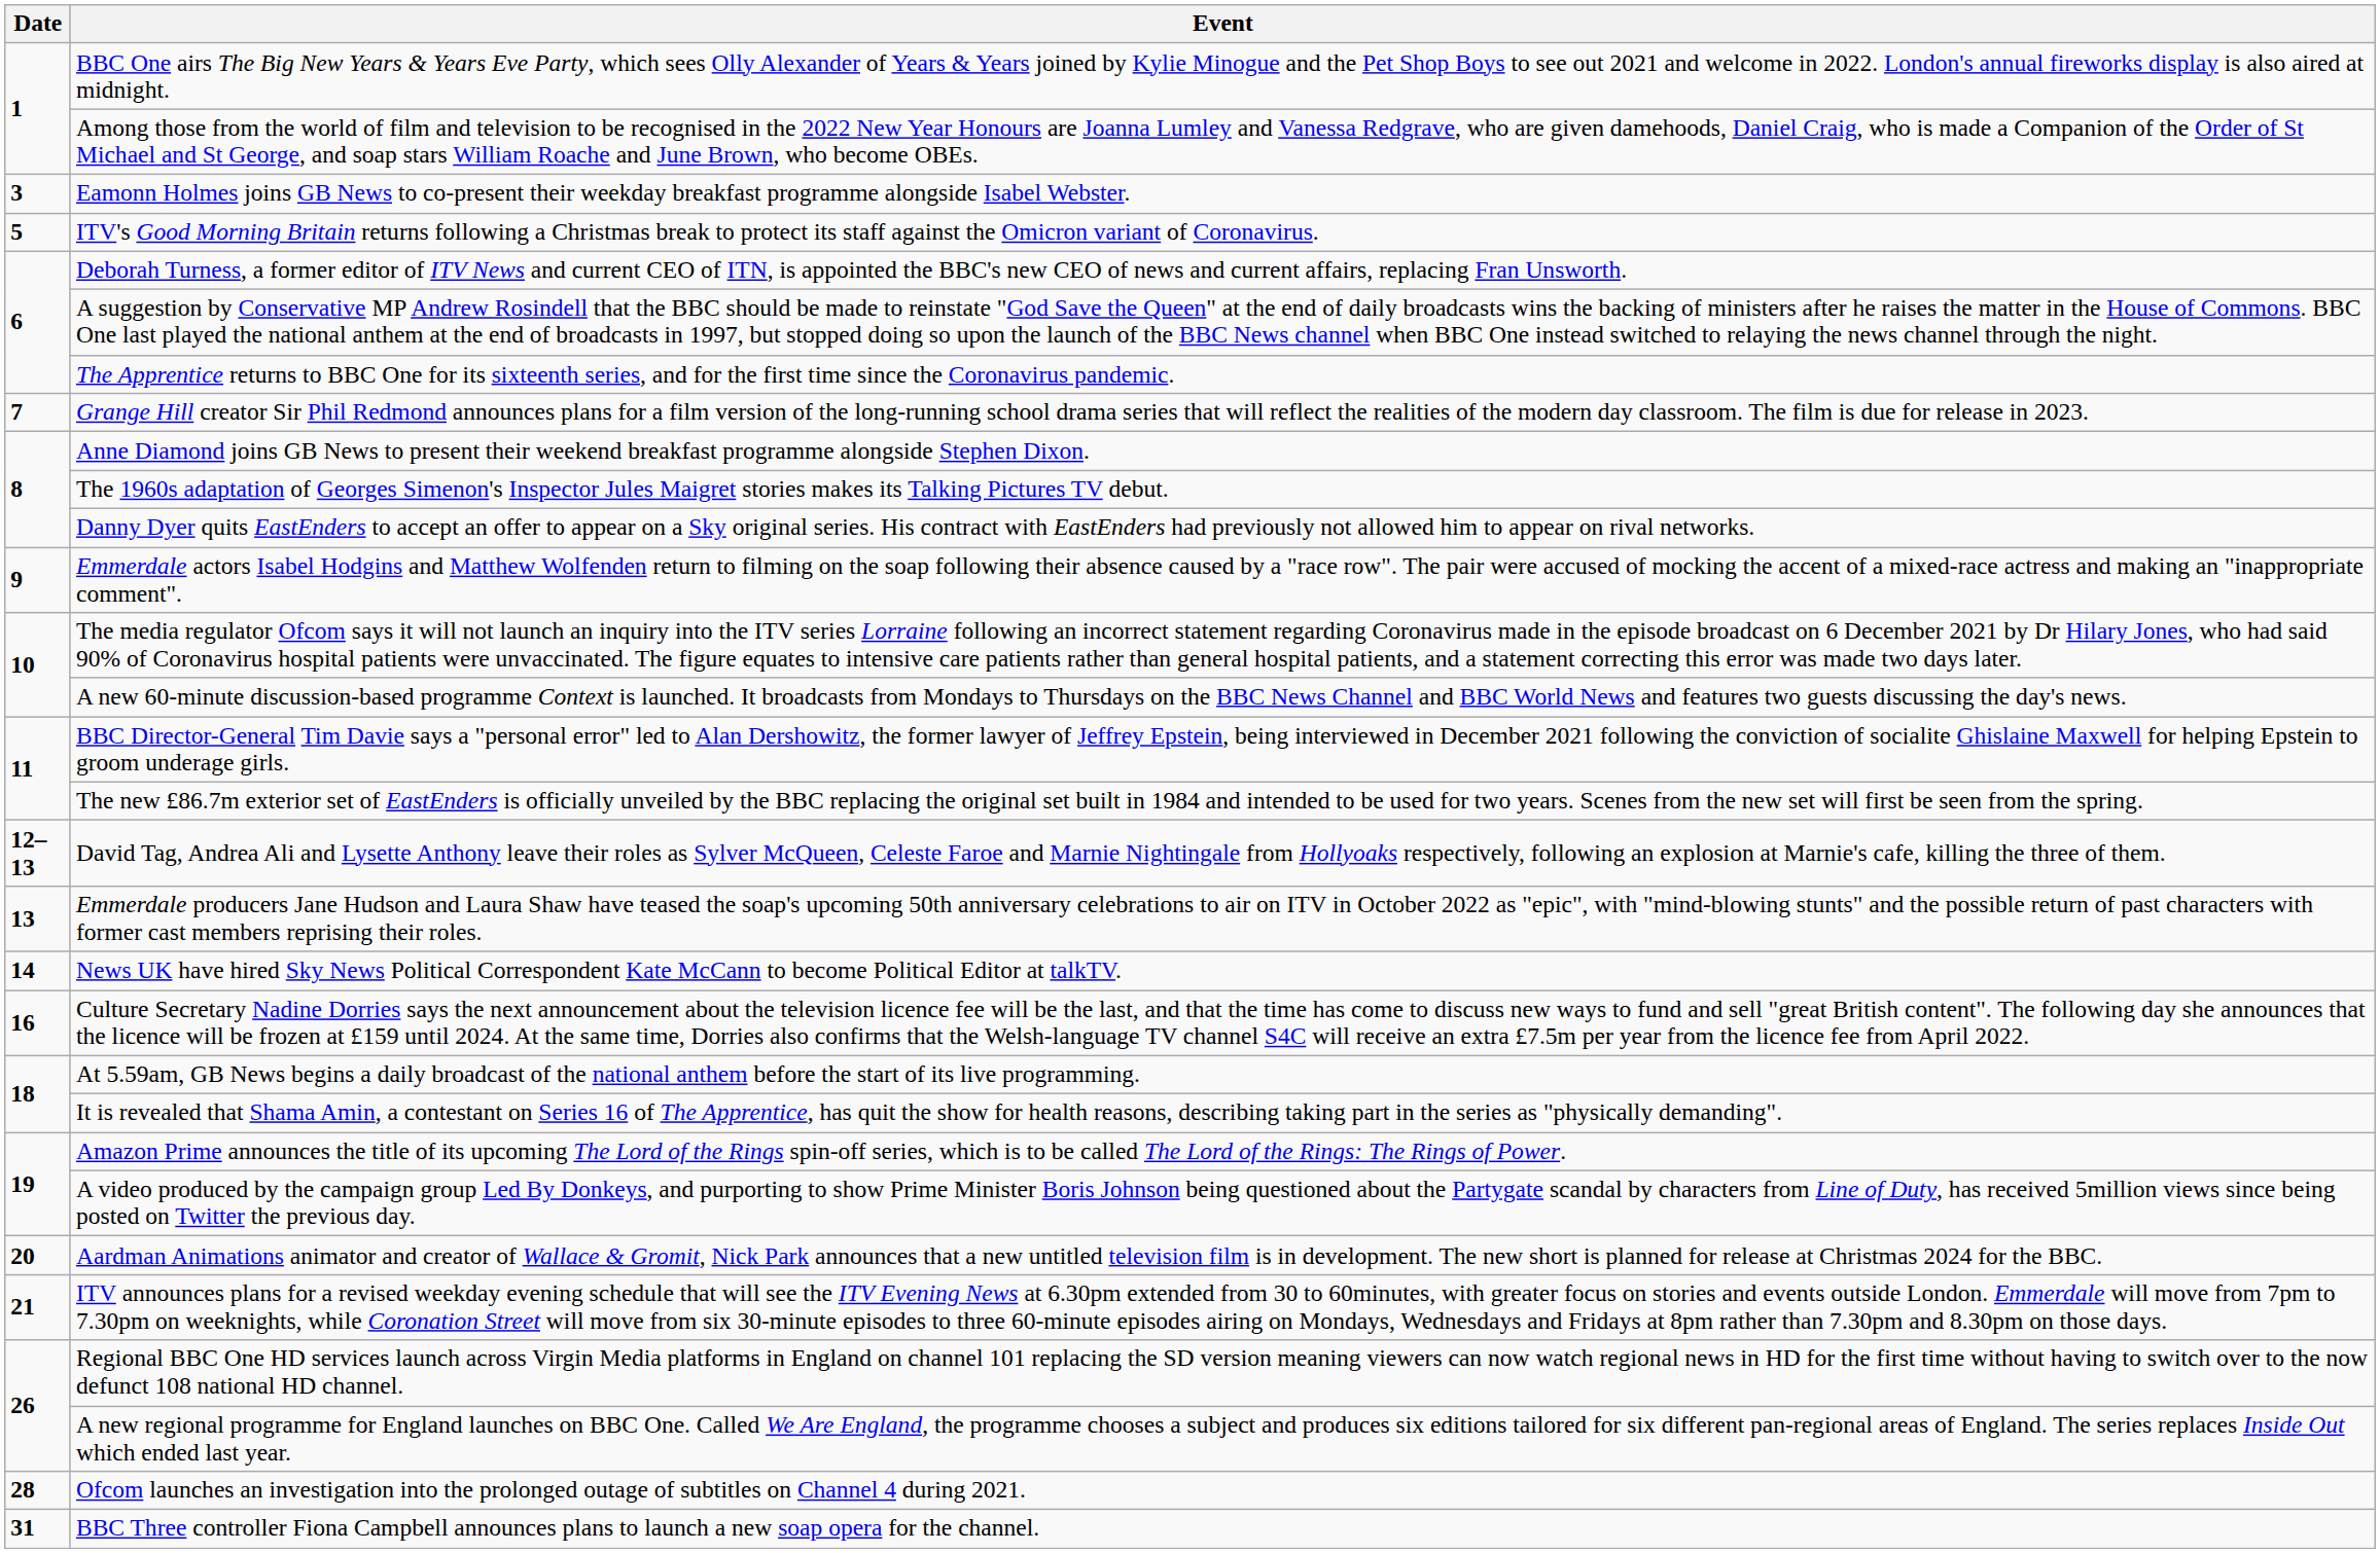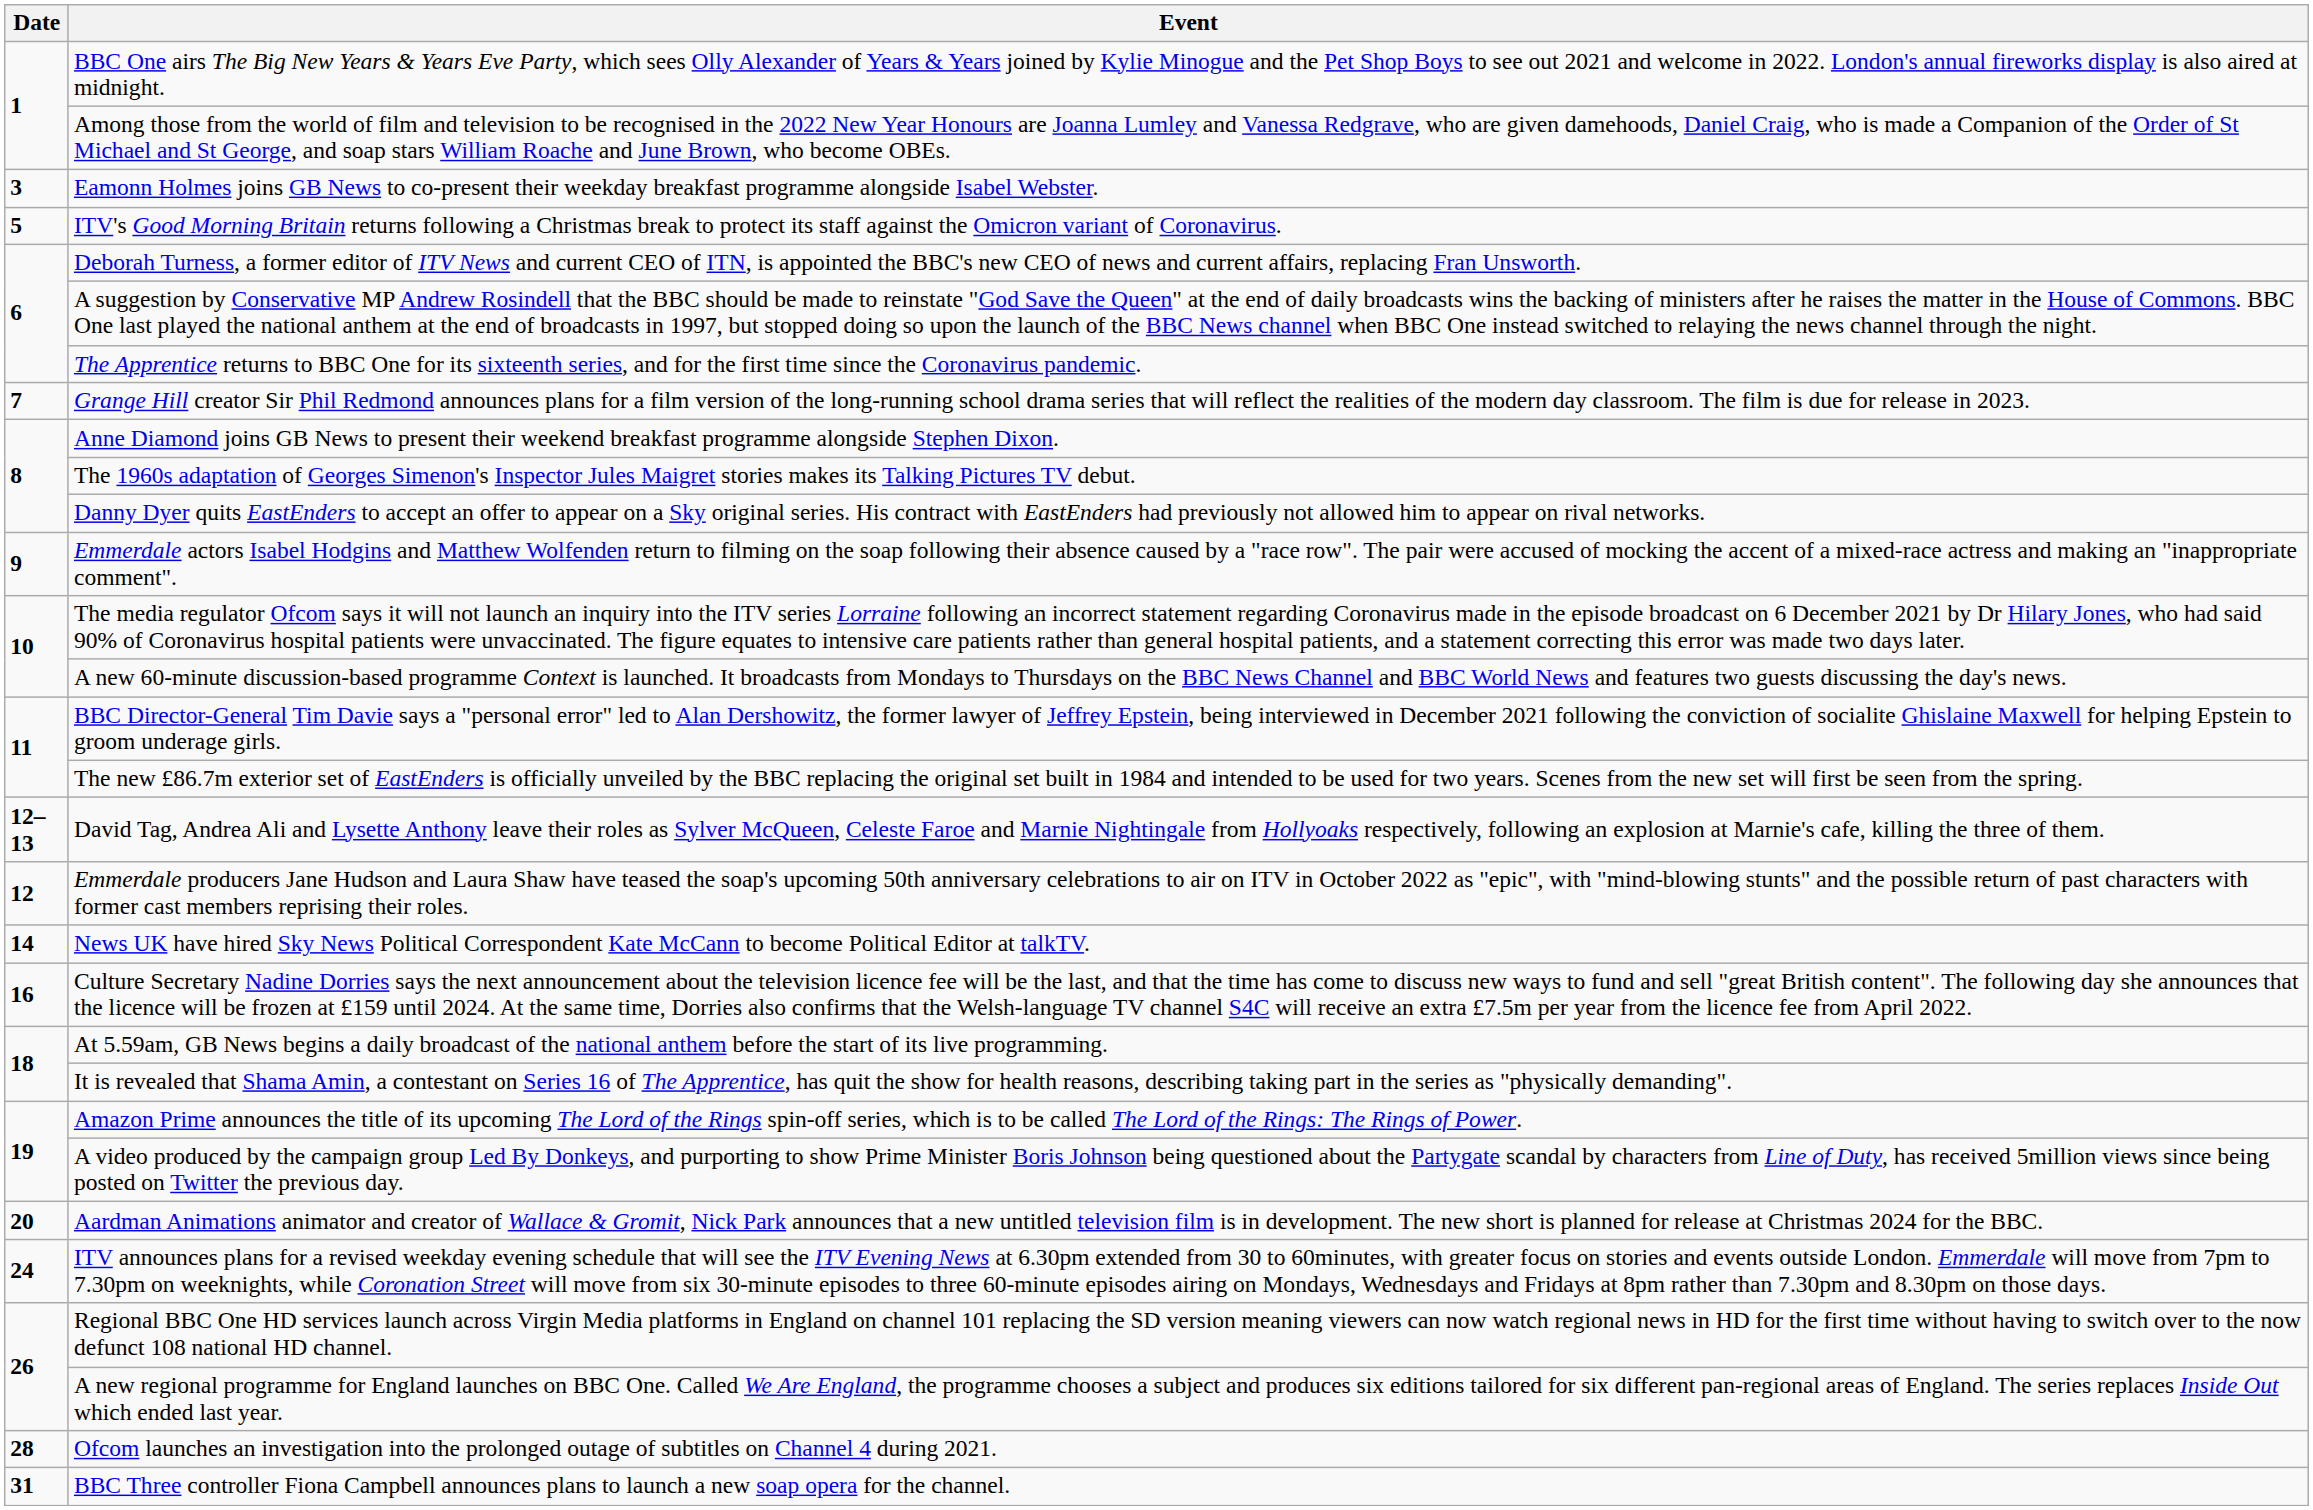 <table class="wikitable">
 <tr>
 <th>Date</th>
 <th>Event</th>
 </tr>
 <tr>
 <td rowspan=2><strong>1</strong></td>
 <td><a href='#'>BBC One</a> airs <em>The Big New Years & Years Eve Party</em>, which sees <a href='#'>Olly Alexander</a> of <a href='#'>Years & Years</a> joined by <a href='#'>Kylie Minogue</a> and the <a href='#'>Pet Shop Boys</a> to see out 2021 and welcome in 2022. <a href='#'>London's annual fireworks display</a> is also aired at midnight.</td>
 </tr>
 <tr>
 <td>Among those from the world of film and television to be recognised in the <a href='#'>2022 New Year Honours</a> are <a href='#'>Joanna Lumley</a> and <a href='#'>Vanessa Redgrave</a>, who are given damehoods, <a href='#'>Daniel Craig</a>, who is made a Companion of the <a href='#'>Order of St Michael and St George</a>, and soap stars <a href='#'>William Roache</a> and <a href='#'>June Brown</a>, who become OBEs.</td>
 </tr>
 <tr>
 <td><strong>3</strong></td>
 <td><a href='#'>Eamonn Holmes</a> joins <a href='#'>GB News</a> to co-present their weekday breakfast programme alongside <a href='#'>Isabel Webster</a>.</td>
 </tr>
 <tr>
 <td><strong>5</strong></td>
 <td><a href='#'>ITV</a>'s <em><a href='#'>Good Morning Britain</a></em> returns following a Christmas break to protect its staff against the <a href='#'>Omicron variant</a> of <a href='#'>Coronavirus</a>.</td>
 </tr>
 <tr>
 <td rowspan=3><strong>6</strong></td>
 <td><a href='#'>Deborah Turness</a>, a former editor of <em><a href='#'>ITV News</a></em> and current CEO of <a href='#'>ITN</a>, is appointed the BBC's new CEO of news and current affairs, replacing <a href='#'>Fran Unsworth</a>.</td>
 </tr>
 <tr>
 <td>A suggestion by <a href='#'>Conservative</a> MP <a href='#'>Andrew Rosindell</a> that the BBC should be made to reinstate "<a href='#'>God Save the Queen</a>" at the end of daily broadcasts wins the backing of ministers after he raises the matter in the <a href='#'>House of Commons</a>. BBC One last played the national anthem at the end of broadcasts in 1997, but stopped doing so upon the launch of the <a href='#'>BBC News channel</a> when BBC One instead switched to relaying the news channel through the night.</td>
 </tr>
 <tr>
 <td><em><a href='#'>The Apprentice</a></em> returns to BBC One for its <a href='#'>sixteenth series</a>, and for the first time since the <a href='#'>Coronavirus pandemic</a>.</td>
 </tr>
 <tr>
 <td><strong>7</strong></td>
 <td><em><a href='#'>Grange Hill</a></em> creator Sir <a href='#'>Phil Redmond</a> announces plans for a film version of the long-running school drama series that will reflect the realities of the modern day classroom. The film is due for release in 2023.</td>
 </tr>
 <tr>
 <td rowspan=3><strong>8</strong></td>
 <td><a href='#'>Anne Diamond</a> joins GB News to present their weekend breakfast programme alongside <a href='#'>Stephen Dixon</a>.</td>
 </tr>
 <tr>
 <td>The <a href='#'>1960s adaptation</a> of <a href='#'>Georges Simenon</a>'s <a href='#'>Inspector Jules Maigret</a> stories makes its <a href='#'>Talking Pictures TV</a> debut.</td>
 </tr>
 <tr>
 <td><a href='#'>Danny Dyer</a> quits <em><a href='#'>EastEnders</a></em> to accept an offer to appear on a <a href='#'>Sky</a> original series. His contract with <em>EastEnders</em> had previously not allowed him to appear on rival networks.</td>
 </tr>
 <tr>
 <td><strong>9</strong></td>
 <td><em><a href='#'>Emmerdale</a></em> actors <a href='#'>Isabel Hodgins</a> and <a href='#'>Matthew Wolfenden</a> return to filming on the soap following their absence caused by a "race row". The pair were accused of mocking the accent of a mixed-race actress and making an "inappropriate comment".</td>
 </tr>
 <tr>
 <td rowspan=2><strong>10</strong></td>
 <td>The media regulator <a href='#'>Ofcom</a> says it will not launch an inquiry into the ITV series <em><a href='#'>Lorraine</a></em> following an incorrect statement regarding Coronavirus made in the episode broadcast on 6 December 2021 by Dr <a href='#'>Hilary Jones</a>, who had said 90% of Coronavirus hospital patients were unvaccinated. The figure equates to intensive care patients rather than general hospital patients, and a statement correcting this error was made two days later.</td>
 </tr>
 <tr>
 <td>A new 60-minute discussion-based programme <em>Context</em> is launched. It broadcasts from Mondays to Thursdays on the <a href='#'>BBC News Channel</a> and <a href='#'>BBC World News</a> and features two guests discussing the day's news.</td>
 </tr>
 <tr>
 <td rowspan=2><strong>11</strong></td>
 <td><a href='#'>BBC Director-General</a> <a href='#'>Tim Davie</a> says a "personal error" led to <a href='#'>Alan Dershowitz</a>, the former lawyer of <a href='#'>Jeffrey Epstein</a>, being interviewed in December 2021 following the conviction of socialite <a href='#'>Ghislaine Maxwell</a> for helping Epstein to groom underage girls.</td>
 </tr>
 <tr>
 <td>The new £86.7m exterior set of <em><a href='#'>EastEnders</a></em> is officially unveiled by the BBC replacing the original set built in 1984 and intended to be used for two years. Scenes from the new set will first be seen from the spring.</td>
 </tr>
 <tr>
 <td><strong>12–13</strong></td>
 <td>David Tag, Andrea Ali and <a href='#'>Lysette Anthony</a> leave their roles as <a href='#'>Sylver McQueen</a>, <a href='#'>Celeste Faroe</a> and <a href='#'>Marnie Nightingale</a> from <em><a href='#'>Hollyoaks</a></em> respectively, following an explosion at Marnie's cafe, killing the three of them.</td>
 </tr>
 <tr>
-<td><strong>13</strong></td>
+<td><strong>12</strong></td>
 <td><em>Emmerdale</em> producers Jane Hudson and Laura Shaw have teased the soap's upcoming 50th anniversary celebrations to air on ITV in October 2022 as "epic", with "mind-blowing stunts" and the possible return of past characters with former cast members reprising their roles.</td>
 </tr>
 <tr>
 <td><strong>14</strong></td>
 <td><a href='#'>News UK</a> have hired <a href='#'>Sky News</a> Political Correspondent <a href='#'>Kate McCann</a> to become Political Editor at <a href='#'>talkTV</a>.</td>
 </tr>
 <tr>
 <td><strong>16</strong></td>
 <td>Culture Secretary <a href='#'>Nadine Dorries</a> says the next announcement about the television licence fee will be the last, and that the time has come to discuss new ways to fund and sell "great British content". The following day she announces that the licence will be frozen at £159 until 2024. At the same time, Dorries also confirms that the Welsh-language TV channel <a href='#'>S4C</a> will receive an extra £7.5m per year from the licence fee from April 2022.</td>
 </tr>
 <tr>
 <td rowspan=2><strong>18</strong></td>
 <td>At 5.59am, GB News begins a daily broadcast of the <a href='#'>national anthem</a> before the start of its live programming.</td>
 </tr>
 <tr>
 <td>It is revealed that <a href='#'>Shama Amin</a>, a contestant on <a href='#'>Series 16</a> of <em><a href='#'>The Apprentice</a></em>, has quit the show for health reasons, describing taking part in the series as "physically demanding".</td>
 </tr>
 <tr>
 <td rowspan=2><strong>19</strong></td>
 <td><a href='#'>Amazon Prime</a> announces the title of its upcoming <em><a href='#'>The Lord of the Rings</a></em> spin-off series, which is to be called <em><a href='#'>The Lord of the Rings: The Rings of Power</a></em>.</td>
 </tr>
 <tr>
 <td>A video produced by the campaign group <a href='#'>Led By Donkeys</a>, and purporting to show Prime Minister <a href='#'>Boris Johnson</a> being questioned about the <a href='#'>Partygate</a> scandal by characters from <em><a href='#'>Line of Duty</a></em>, has received 5million views since being posted on <a href='#'>Twitter</a> the previous day.</td>
 </tr>
 <tr>
 <td><strong>20</strong></td>
 <td><a href='#'>Aardman Animations</a> animator and creator of <em><a href='#'>Wallace & Gromit</a></em>, <a href='#'>Nick Park</a> announces that a new untitled  <a href='#'>television film</a> is in development. The new short is planned for release at Christmas 2024 for the BBC.</td>
 </tr>
 <tr>
-<td><strong>21</strong></td>
+<td><strong>24</strong></td>
 <td><a href='#'>ITV</a> announces plans for a revised weekday evening schedule that will see the <em><a href='#'>ITV Evening News</a></em> at 6.30pm extended from 30 to 60minutes, with greater focus on stories and events outside London. <em><a href='#'>Emmerdale</a></em> will move from 7pm to 7.30pm on weeknights, while <em><a href='#'>Coronation Street</a></em> will move from six 30-minute episodes to three 60-minute episodes airing on Mondays, Wednesdays and Fridays at 8pm rather than 7.30pm and 8.30pm on those days.</td>
 </tr>
 <tr>
 <td rowspan=2><strong>26</strong></td>
 <td>Regional BBC One HD services launch across Virgin Media platforms in England on channel 101 replacing the SD version meaning viewers can now watch regional news in HD for the first time without having to switch over to the now defunct 108 national HD channel.</td>
 </tr>
 <tr>
 <td>A new regional programme for England launches on BBC One. Called <em><a href='#'>We Are England</a></em>, the programme chooses a subject and produces six editions tailored for six different pan-regional areas of England. The series replaces <em><a href='#'>Inside Out</a></em> which ended last year.</td>
 </tr>
 <tr>
 <td><strong>28</strong></td>
 <td><a href='#'>Ofcom</a> launches an investigation into the prolonged outage of subtitles on <a href='#'>Channel 4</a> during 2021.</td>
 </tr>
 <tr>
 <td><strong>31</strong></td>
 <td><a href='#'>BBC Three</a> controller Fiona Campbell announces plans to launch a new <a href='#'>soap opera</a> for the channel.</td>
 </tr>
 </table>
